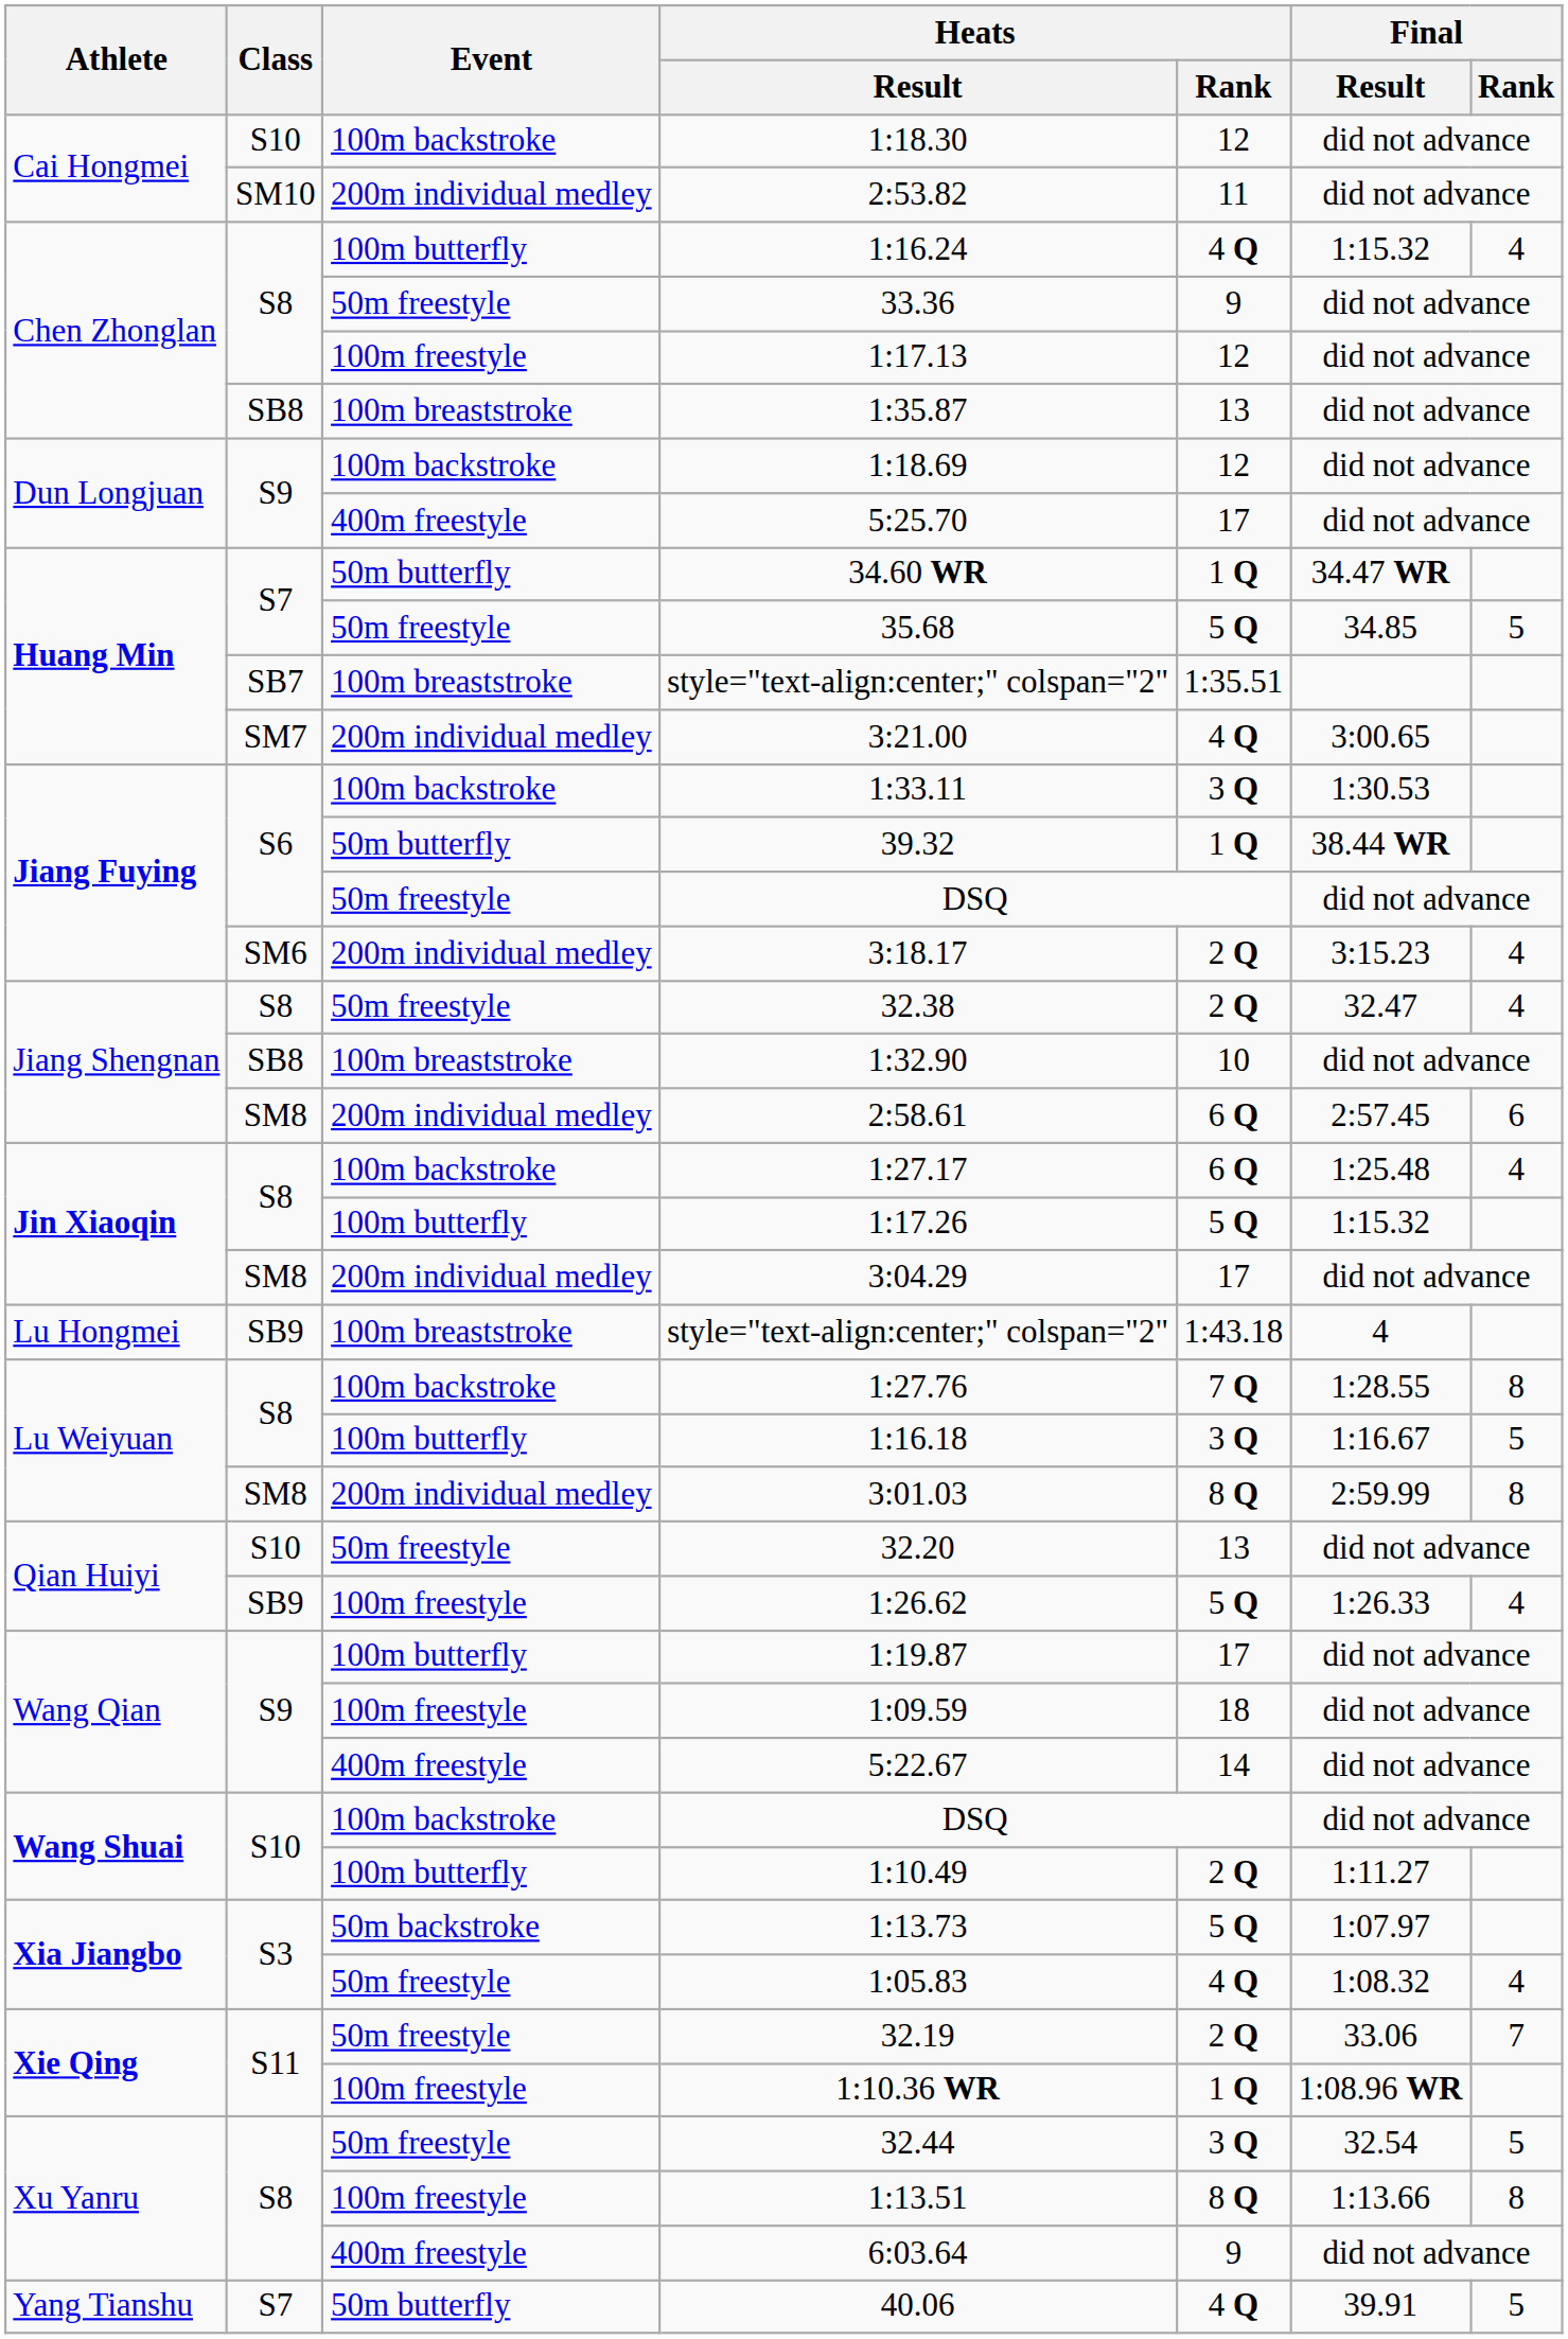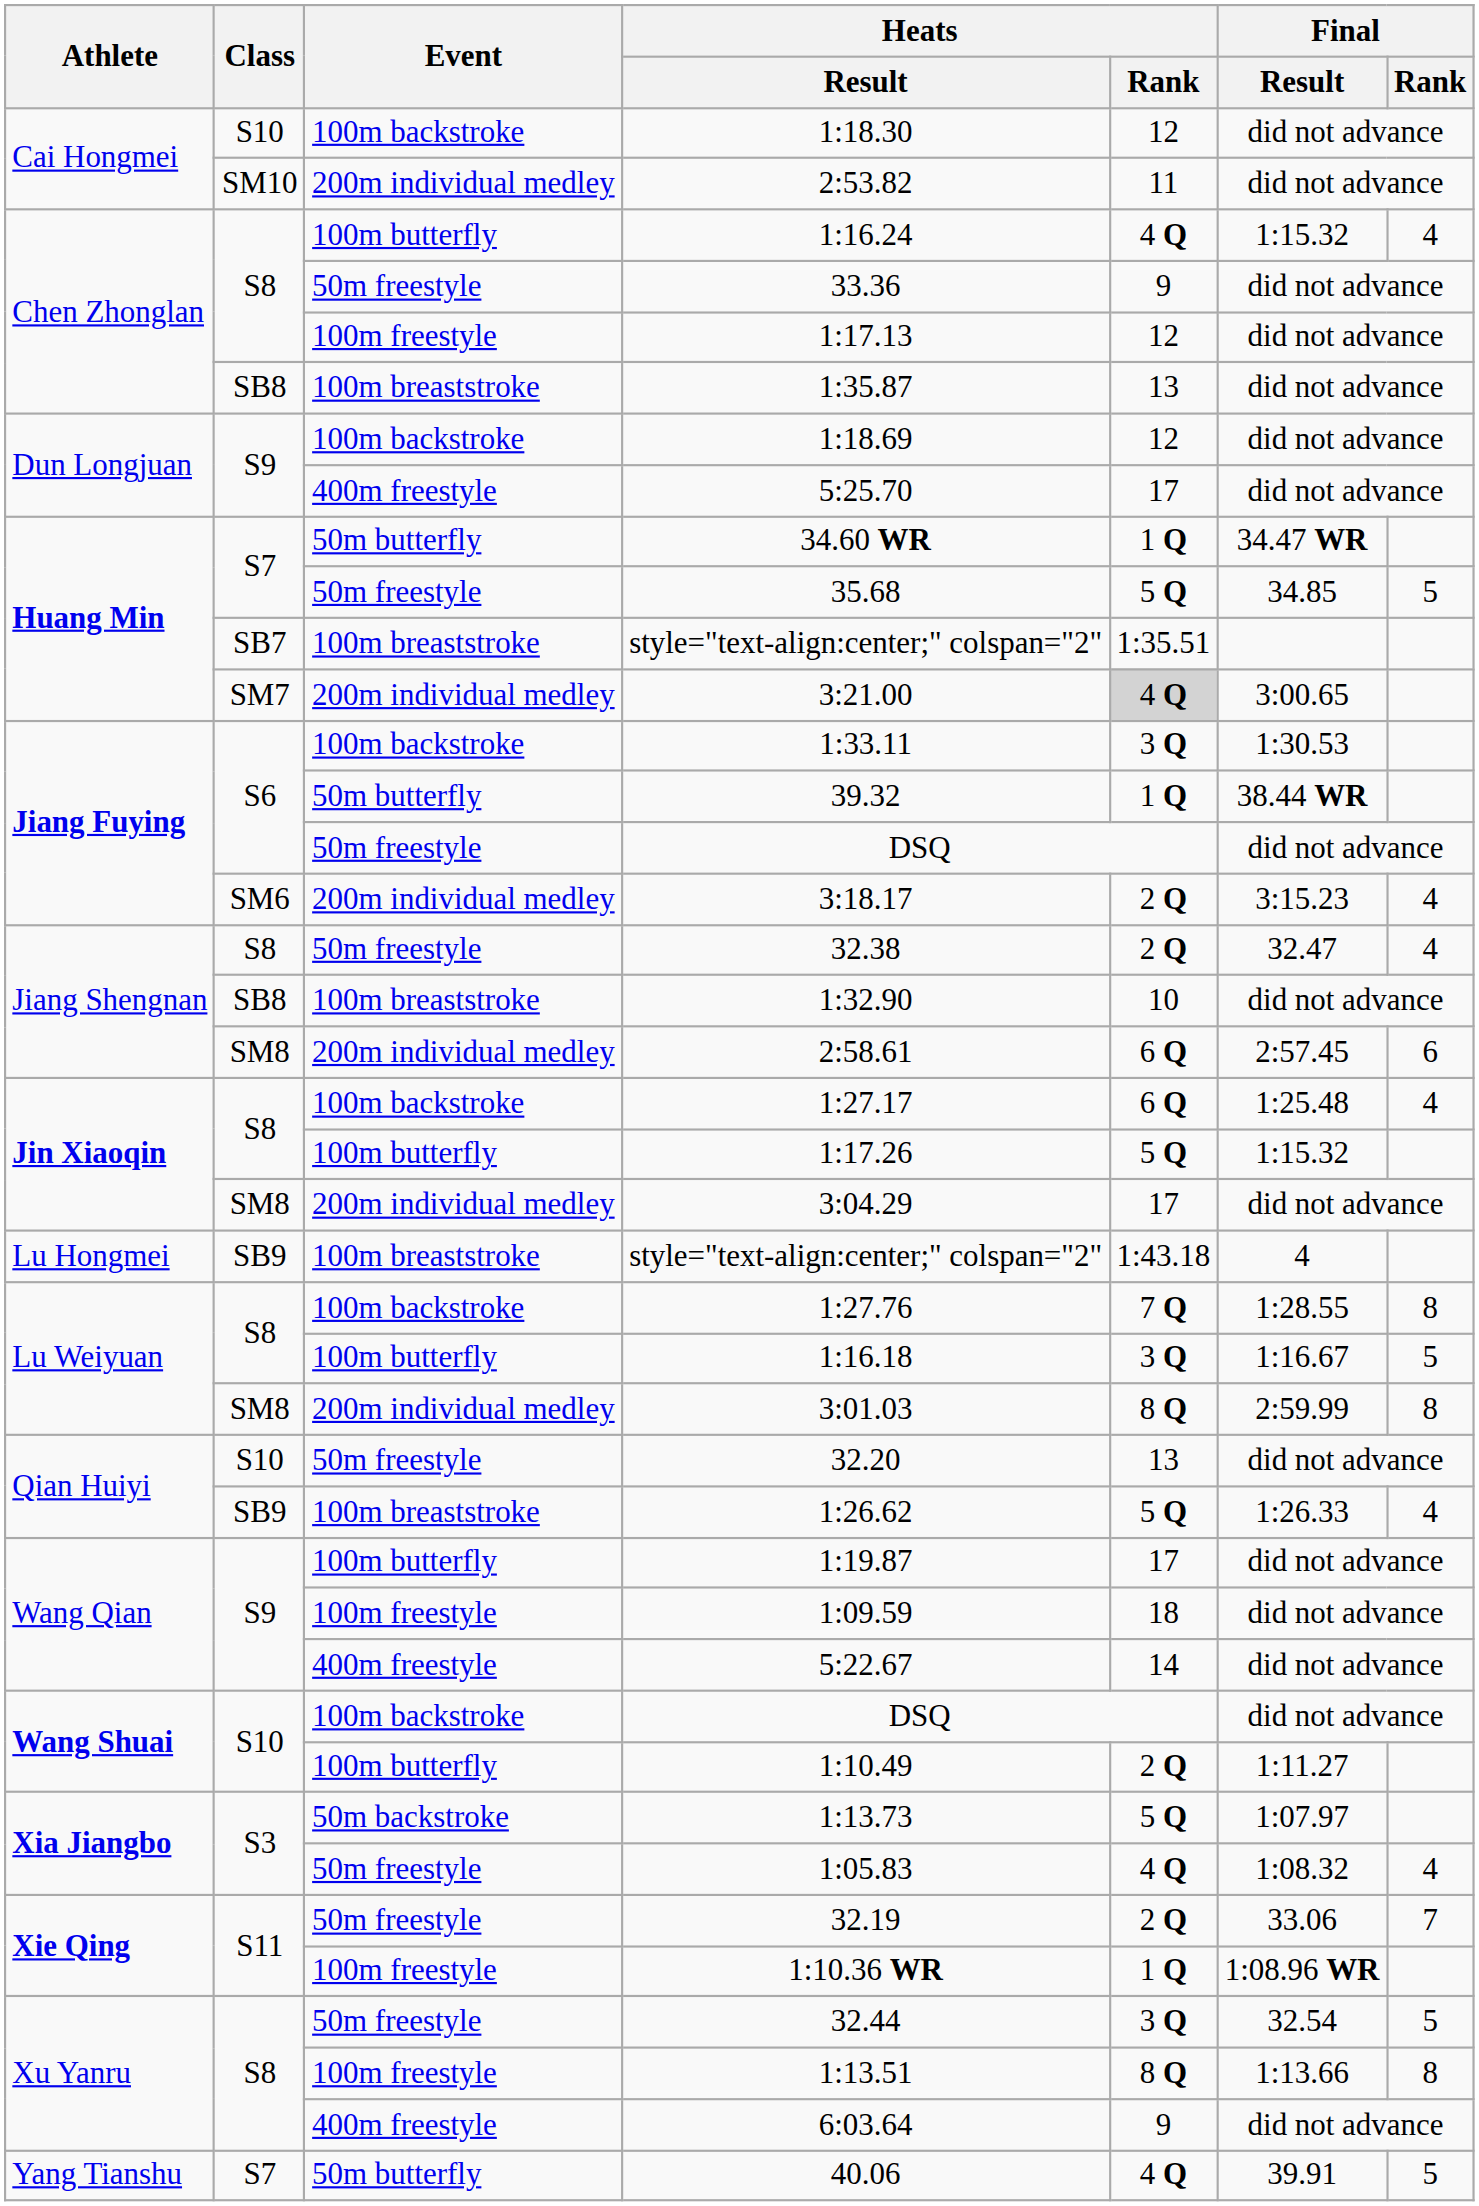 <table class=wikitable style="font-size:90%">
 <tr>
 <th rowspan="2">Athlete</th>
 <th rowspan="2">Class</th>
 <th rowspan="2">Event</th>
 <th colspan="2">Heats</th>
 <th colspan="2">Final</th>
 </tr>
 <tr>
 <th>Result</th>
 <th>Rank</th>
 <th>Result</th>
 <th>Rank</th>
 </tr>
 <tr>
 <td rowspan="2"><a href='#'>Cai Hongmei</a></td>
 <td style="text-align:center;">S10</td>
 <td><a href='#'>100m backstroke</a></td>
 <td style="text-align:center;">1:18.30</td>
 <td style="text-align:center;">12</td>
 <td style="text-align:center;" colspan="2">did not advance</td>
 </tr>
 <tr>
 <td style="text-align:center;">SM10</td>
 <td><a href='#'>200m individual medley</a></td>
 <td style="text-align:center;">2:53.82</td>
 <td style="text-align:center;">11</td>
 <td style="text-align:center;" colspan="2">did not advance</td>
 </tr>
 <tr>
 <td rowspan="4"><a href='#'>Chen Zhonglan</a></td>
 <td rowspan="3" style="text-align:center;">S8</td>
 <td><a href='#'>100m butterfly</a></td>
 <td style="text-align:center;">1:16.24</td>
 <td style="text-align:center;">4 <strong>Q</strong></td>
 <td style="text-align:center;">1:15.32</td>
 <td style="text-align:center;">4</td>
 </tr>
 <tr>
 <td><a href='#'>50m freestyle</a></td>
 <td style="text-align:center;">33.36</td>
 <td style="text-align:center;">9</td>
 <td style="text-align:center;" colspan="2">did not advance</td>
 </tr>
 <tr>
 <td><a href='#'>100m freestyle</a></td>
 <td style="text-align:center;">1:17.13</td>
 <td style="text-align:center;">12</td>
 <td style="text-align:center;" colspan="2">did not advance</td>
 </tr>
 <tr>
 <td style="text-align:center;">SB8</td>
 <td><a href='#'>100m breaststroke</a></td>
 <td style="text-align:center;">1:35.87</td>
 <td style="text-align:center;">13</td>
 <td style="text-align:center;" colspan="2">did not advance</td>
 </tr>
 <tr>
 <td rowspan="2"><a href='#'>Dun Longjuan</a></td>
 <td rowspan="2" style="text-align:center;">S9</td>
 <td><a href='#'>100m backstroke</a></td>
 <td style="text-align:center;">1:18.69</td>
 <td style="text-align:center;">12</td>
 <td style="text-align:center;" colspan="2">did not advance</td>
 </tr>
 <tr>
 <td><a href='#'>400m freestyle</a></td>
 <td style="text-align:center;">5:25.70</td>
 <td style="text-align:center;">17</td>
 <td style="text-align:center;" colspan="2">did not advance</td>
 </tr>
 <tr>
 <td rowspan="4"><strong><a href='#'>Huang Min</a></strong></td>
 <td rowspan="2" style="text-align:center;">S7</td>
 <td><a href='#'>50m butterfly</a></td>
 <td style="text-align:center;">34.60 <strong>WR</strong></td>
 <td style="text-align:center;">1 <strong>Q</strong></td>
 <td style="text-align:center;">34.47 <strong>WR</strong></td>
 <td style="text-align:center;"></td>
 </tr>
 <tr>
 <td><a href='#'>50m freestyle</a></td>
 <td style="text-align:center;">35.68</td>
 <td style="text-align:center;">5 <strong>Q</strong></td>
 <td style="text-align:center;">34.85</td>
 <td style="text-align:center;">5</td>
 </tr>
 <tr>
 <td style="text-align:center;">SB7</td>
 <td><a href='#'>100m breaststroke</a></td>
 <td>style="text-align:center;" colspan="2" </td>
 <td style="text-align:center;">1:35.51</td>
 <td style="text-align:center;"></td>
 </tr>
 <tr>
 <td style="text-align:center;">SM7</td>
 <td><a href='#'>200m individual medley</a></td>
 <td style="text-align:center;">3:21.00</td>
-<td style="text-align:center;">4 <strong>Q</strong></td>
+<td style="background: lightgrey; text-align:center;">4 <strong>Q</strong></td>
 <td style="text-align:center;">3:00.65</td>
 <td style="text-align:center;"></td>
 </tr>
 <tr>
 <td rowspan="4"><strong><a href='#'>Jiang Fuying</a></strong></td>
 <td rowspan="3" style="text-align:center;">S6</td>
 <td><a href='#'>100m backstroke</a></td>
 <td style="text-align:center;">1:33.11</td>
 <td style="text-align:center;">3 <strong>Q</strong></td>
 <td style="text-align:center;">1:30.53</td>
 <td style="text-align:center;"></td>
 </tr>
 <tr>
 <td><a href='#'>50m butterfly</a></td>
 <td style="text-align:center;">39.32</td>
 <td style="text-align:center;">1 <strong>Q</strong></td>
 <td style="text-align:center;">38.44 <strong>WR</strong></td>
 <td style="text-align:center;"></td>
 </tr>
 <tr>
 <td><a href='#'>50m freestyle</a></td>
 <td style="text-align:center;" colspan="2">DSQ</td>
 <td style="text-align:center;" colspan="2">did not advance</td>
 </tr>
 <tr>
 <td style="text-align:center;">SM6</td>
 <td><a href='#'>200m individual medley</a></td>
 <td style="text-align:center;">3:18.17</td>
 <td style="text-align:center;">2 <strong>Q</strong></td>
 <td style="text-align:center;">3:15.23</td>
 <td style="text-align:center;">4</td>
 </tr>
 <tr>
 <td rowspan="3"><a href='#'>Jiang Shengnan</a></td>
 <td style="text-align:center;">S8</td>
 <td><a href='#'>50m freestyle</a></td>
 <td style="text-align:center;">32.38</td>
 <td style="text-align:center;">2 <strong>Q</strong></td>
 <td style="text-align:center;">32.47</td>
 <td style="text-align:center;">4</td>
 </tr>
 <tr>
 <td style="text-align:center;">SB8</td>
 <td><a href='#'>100m breaststroke</a></td>
 <td style="text-align:center;">1:32.90</td>
 <td style="text-align:center;">10</td>
 <td style="text-align:center;" colspan="2">did not advance</td>
 </tr>
 <tr>
 <td style="text-align:center;">SM8</td>
 <td><a href='#'>200m individual medley</a></td>
 <td style="text-align:center;">2:58.61</td>
 <td style="text-align:center;">6 <strong>Q</strong></td>
 <td style="text-align:center;">2:57.45</td>
 <td style="text-align:center;">6</td>
 </tr>
 <tr>
 <td rowspan="3"><strong><a href='#'>Jin Xiaoqin</a></strong></td>
 <td rowspan="2" style="text-align:center;">S8</td>
 <td><a href='#'>100m backstroke</a></td>
 <td style="text-align:center;">1:27.17</td>
 <td style="text-align:center;">6 <strong>Q</strong></td>
 <td style="text-align:center;">1:25.48</td>
 <td style="text-align:center;">4</td>
 </tr>
 <tr>
 <td><a href='#'>100m butterfly</a></td>
 <td style="text-align:center;">1:17.26</td>
 <td style="text-align:center;">5 <strong>Q</strong></td>
 <td style="text-align:center;">1:15.32</td>
 <td style="text-align:center;"></td>
 </tr>
 <tr>
 <td style="text-align:center;">SM8</td>
 <td><a href='#'>200m individual medley</a></td>
 <td style="text-align:center;">3:04.29</td>
 <td style="text-align:center;">17</td>
 <td style="text-align:center;" colspan="2">did not advance</td>
 </tr>
 <tr>
 <td><a href='#'>Lu Hongmei</a></td>
 <td style="text-align:center;">SB9</td>
 <td><a href='#'>100m breaststroke</a></td>
 <td>style="text-align:center;" colspan="2" </td>
 <td style="text-align:center;">1:43.18</td>
 <td style="text-align:center;">4</td>
 </tr>
 <tr>
 <td rowspan="3"><a href='#'>Lu Weiyuan</a></td>
 <td rowspan="2" style="text-align:center;">S8</td>
 <td><a href='#'>100m backstroke</a></td>
 <td style="text-align:center;">1:27.76</td>
 <td style="text-align:center;">7 <strong>Q</strong></td>
 <td style="text-align:center;">1:28.55</td>
 <td style="text-align:center;">8</td>
 </tr>
 <tr>
 <td><a href='#'>100m butterfly</a></td>
 <td style="text-align:center;">1:16.18</td>
 <td style="text-align:center;">3 <strong>Q</strong></td>
 <td style="text-align:center;">1:16.67</td>
 <td style="text-align:center;">5</td>
 </tr>
 <tr>
 <td style="text-align:center;">SM8</td>
 <td><a href='#'>200m individual medley</a></td>
 <td style="text-align:center;">3:01.03</td>
 <td style="text-align:center;">8 <strong>Q</strong></td>
 <td style="text-align:center;">2:59.99</td>
 <td style="text-align:center;">8</td>
 </tr>
 <tr>
 <td rowspan="2"><a href='#'>Qian Huiyi</a></td>
 <td style="text-align:center;">S10</td>
 <td><a href='#'>50m freestyle</a></td>
 <td style="text-align:center;">32.20</td>
 <td style="text-align:center;">13</td>
 <td style="text-align:center;" colspan="2">did not advance</td>
 </tr>
 <tr>
 <td style="text-align:center;">SB9</td>
-<td><a href='#'>100m freestyle</a></td>
+<td><a href='#'>100m breaststroke</a></td>
 <td style="text-align:center;">1:26.62</td>
 <td style="text-align:center;">5 <strong>Q</strong></td>
 <td style="text-align:center;">1:26.33</td>
 <td style="text-align:center;">4</td>
 </tr>
 <tr>
 <td rowspan="3"><a href='#'>Wang Qian</a></td>
 <td rowspan="3" style="text-align:center;">S9</td>
 <td><a href='#'>100m butterfly</a></td>
 <td style="text-align:center;">1:19.87</td>
 <td style="text-align:center;">17</td>
 <td style="text-align:center;" colspan="2">did not advance</td>
 </tr>
 <tr>
 <td><a href='#'>100m freestyle</a></td>
 <td style="text-align:center;">1:09.59</td>
 <td style="text-align:center;">18</td>
 <td style="text-align:center;" colspan="2">did not advance</td>
 </tr>
 <tr>
 <td><a href='#'>400m freestyle</a></td>
 <td style="text-align:center;">5:22.67</td>
 <td style="text-align:center;">14</td>
 <td style="text-align:center;" colspan="2">did not advance</td>
 </tr>
 <tr>
 <td rowspan="2"><strong><a href='#'>Wang Shuai</a></strong></td>
 <td rowspan="2" style="text-align:center;">S10</td>
 <td><a href='#'>100m backstroke</a></td>
 <td style="text-align:center;" colspan="2">DSQ</td>
 <td style="text-align:center;" colspan="2">did not advance</td>
 </tr>
 <tr>
 <td><a href='#'>100m butterfly</a></td>
 <td style="text-align:center;">1:10.49</td>
 <td style="text-align:center;">2 <strong>Q</strong></td>
 <td style="text-align:center;">1:11.27</td>
 <td style="text-align:center;"></td>
 </tr>
 <tr>
 <td rowspan="2"><strong><a href='#'>Xia Jiangbo</a></strong></td>
 <td rowspan="2" style="text-align:center;">S3</td>
 <td><a href='#'>50m backstroke</a></td>
 <td style="text-align:center;">1:13.73</td>
 <td style="text-align:center;">5 <strong>Q</strong></td>
 <td style="text-align:center;">1:07.97</td>
 <td style="text-align:center;"></td>
 </tr>
 <tr>
 <td><a href='#'>50m freestyle</a></td>
 <td style="text-align:center;">1:05.83</td>
 <td style="text-align:center;">4 <strong>Q</strong></td>
 <td style="text-align:center;">1:08.32</td>
 <td style="text-align:center;">4</td>
 </tr>
 <tr>
 <td rowspan="2"><strong><a href='#'>Xie Qing</a></strong></td>
 <td rowspan="2" style="text-align:center;">S11</td>
 <td><a href='#'>50m freestyle</a></td>
 <td style="text-align:center;">32.19</td>
 <td style="text-align:center;">2 <strong>Q</strong></td>
 <td style="text-align:center;">33.06</td>
 <td style="text-align:center;">7</td>
 </tr>
 <tr>
 <td><a href='#'>100m freestyle</a></td>
 <td style="text-align:center;">1:10.36 <strong>WR</strong></td>
 <td style="text-align:center;">1 <strong>Q</strong></td>
 <td style="text-align:center;">1:08.96 <strong>WR</strong></td>
 <td style="text-align:center;"></td>
 </tr>
 <tr>
 <td rowspan="3"><a href='#'>Xu Yanru</a></td>
 <td rowspan="3" style="text-align:center;">S8</td>
 <td><a href='#'>50m freestyle</a></td>
 <td style="text-align:center;">32.44</td>
 <td style="text-align:center;">3 <strong>Q</strong></td>
 <td style="text-align:center;">32.54</td>
 <td style="text-align:center;">5</td>
 </tr>
 <tr>
 <td><a href='#'>100m freestyle</a></td>
 <td style="text-align:center;">1:13.51</td>
 <td style="text-align:center;">8 <strong>Q</strong></td>
 <td style="text-align:center;">1:13.66</td>
 <td style="text-align:center;">8</td>
 </tr>
 <tr>
 <td><a href='#'>400m freestyle</a></td>
 <td style="text-align:center;">6:03.64</td>
 <td style="text-align:center;">9</td>
 <td style="text-align:center;" colspan="2">did not advance</td>
 </tr>
 <tr>
 <td><a href='#'>Yang Tianshu</a></td>
 <td style="text-align:center;">S7</td>
 <td><a href='#'>50m butterfly</a></td>
 <td style="text-align:center;">40.06</td>
 <td style="text-align:center;">4 <strong>Q</strong></td>
 <td style="text-align:center;">39.91</td>
 <td style="text-align:center;">5</td>
 </tr>
 </table>
